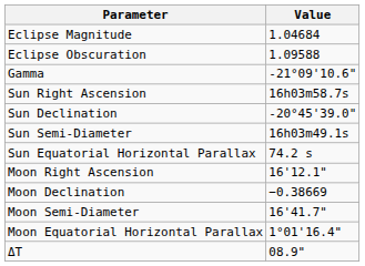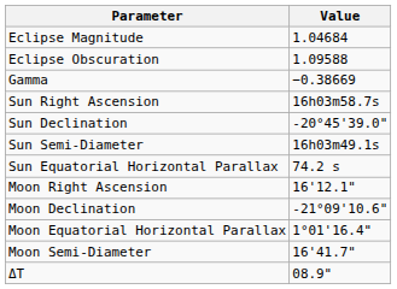 <table class="wikitable">
 <tr>
 <th>Parameter</th>
 <th>Value</th>
 </tr>
 <tr>
 <td>Eclipse Magnitude</td>
 <td>1.04684</td>
 </tr>
 <tr>
 <td>Eclipse Obscuration</td>
 <td>1.09588</td>
 </tr>
 <tr>
 <td>Gamma</td>
-<td>-21°09'10.6"</td>
+<td>−0.38669</td>
 </tr>
 <tr>
 <td>Sun Right Ascension</td>
 <td>16h03m58.7s</td>
 </tr>
 <tr>
 <td>Sun Declination</td>
 <td>-20°45'39.0"</td>
 </tr>
 <tr>
 <td>Sun Semi-Diameter</td>
 <td>16h03m49.1s</td>
 </tr>
 <tr>
 <td>Sun Equatorial Horizontal Parallax</td>
 <td>74.2 s</td>
 </tr>
 <tr>
 <td>Moon Right Ascension</td>
 <td>16'12.1"</td>
 </tr>
 <tr>
 <td>Moon Declination</td>
-<td>−0.38669</td>
+<td>-21°09'10.6"</td>
+</tr>
+<tr>
+<td>Moon Equatorial Horizontal Parallax</td>
+<td>1°01'16.4"</td>
 </tr>
 <tr>
 <td>Moon Semi-Diameter</td>
 <td>16'41.7"</td>
 </tr>
 <tr>
-<td>Moon Equatorial Horizontal Parallax</td>
-<td>1°01'16.4"</td>
-</tr>
-<tr>
 <td>ΔT</td>
 <td>08.9"</td>
 </tr>
 </table>
